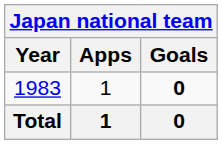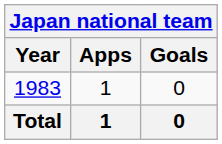 <table class="wikitable" style="text-align:center">
 <tr>
 <th colspan=3><a href='#'>Japan national team</a></th>
 </tr>
 <tr>
 <th>Year</th>
 <th>Apps</th>
 <th>Goals</th>
 </tr>
 <tr>
 <td><a href='#'>1983</a></td>
 <td>1</td>
-<td><strong>0</strong></td>
+<td>0</td>
 </tr>
 <tr>
 <th>Total</th>
 <th>1</th>
 <th>0</th>
 </tr>
 </table>
